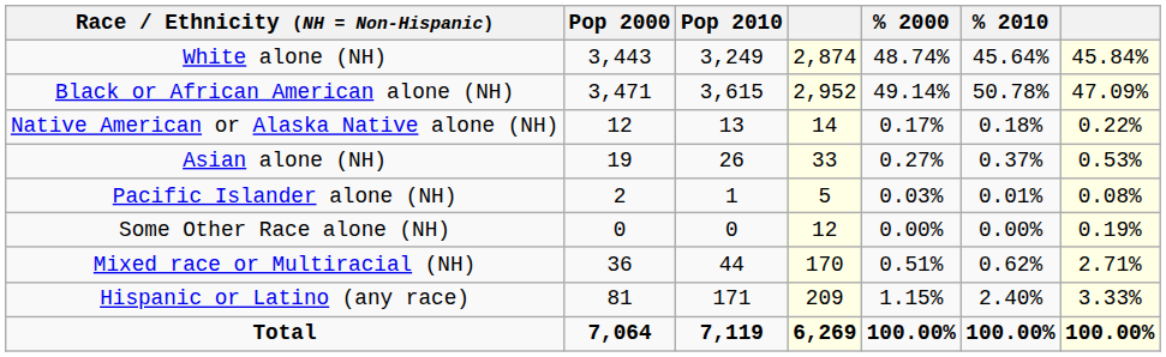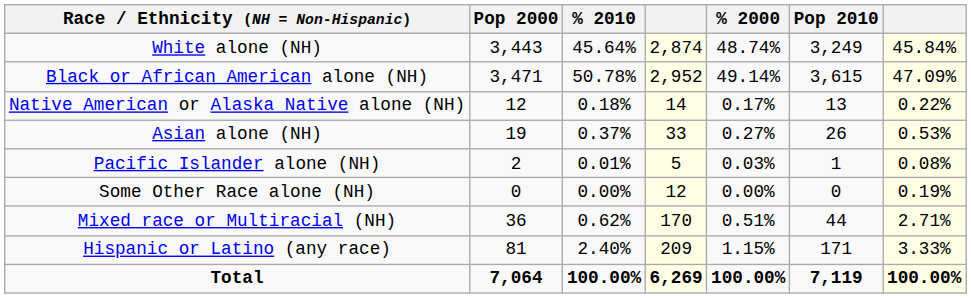 <table class="wikitable" style="text-align:center;">
 <tr>
 <th>Race / Ethnicity <small>(<em>NH = Non-Hispanic</em>)</small></th>
 <th>Pop 2000</th>
-<th>Pop 2010</th>
+<th>% 2010</th>
 <th></th>
 <th>% 2000</th>
-<th>% 2010</th>
+<th>Pop 2010</th>
 <th></th>
 </tr>
 <tr>
 <td><a href='#'>White</a> alone (NH)</td>
 <td>3,443</td>
-<td>3,249</td>
+<td>45.64%</td>
 <td style='background: #ffffe6;'>2,874</td>
 <td>48.74%</td>
-<td>45.64%</td>
+<td>3,249</td>
 <td style='background: #ffffe6;'>45.84%</td>
 </tr>
 <tr>
 <td><a href='#'>Black or African American</a> alone (NH)</td>
 <td>3,471</td>
-<td>3,615</td>
+<td>50.78%</td>
 <td style='background: #ffffe6;'>2,952</td>
 <td>49.14%</td>
-<td>50.78%</td>
+<td>3,615</td>
 <td style='background: #ffffe6;'>47.09%</td>
 </tr>
 <tr>
 <td><a href='#'>Native American</a> or <a href='#'>Alaska Native</a> alone (NH)</td>
 <td>12</td>
-<td>13</td>
+<td>0.18%</td>
 <td style='background: #ffffe6;'>14</td>
 <td>0.17%</td>
-<td>0.18%</td>
+<td>13</td>
 <td style='background: #ffffe6;'>0.22%</td>
 </tr>
 <tr>
 <td><a href='#'>Asian</a> alone (NH)</td>
 <td>19</td>
-<td>26</td>
+<td>0.37%</td>
 <td style='background: #ffffe6;'>33</td>
 <td>0.27%</td>
-<td>0.37%</td>
+<td>26</td>
 <td style='background: #ffffe6;'>0.53%</td>
 </tr>
 <tr>
 <td><a href='#'>Pacific Islander</a> alone (NH)</td>
 <td>2</td>
-<td>1</td>
+<td>0.01%</td>
 <td style='background: #ffffe6;'>5</td>
 <td>0.03%</td>
-<td>0.01%</td>
+<td>1</td>
 <td style='background: #ffffe6;'>0.08%</td>
 </tr>
 <tr>
 <td>Some Other Race alone (NH)</td>
 <td>0</td>
-<td>0</td>
+<td>0.00%</td>
 <td style='background: #ffffe6;'>12</td>
 <td>0.00%</td>
-<td>0.00%</td>
+<td>0</td>
 <td style='background: #ffffe6;'>0.19%</td>
 </tr>
 <tr>
 <td><a href='#'>Mixed race or Multiracial</a> (NH)</td>
 <td>36</td>
-<td>44</td>
+<td>0.62%</td>
 <td style='background: #ffffe6;'>170</td>
 <td>0.51%</td>
-<td>0.62%</td>
+<td>44</td>
 <td style='background: #ffffe6;'>2.71%</td>
 </tr>
 <tr>
 <td><a href='#'>Hispanic or Latino</a> (any race)</td>
 <td>81</td>
-<td>171</td>
+<td>2.40%</td>
 <td style='background: #ffffe6;'>209</td>
 <td>1.15%</td>
-<td>2.40%</td>
+<td>171</td>
 <td style='background: #ffffe6;'>3.33%</td>
 </tr>
 <tr>
 <td><strong>Total</strong></td>
 <td><strong>7,064</strong></td>
-<td><strong>7,119</strong></td>
+<td><strong>100.00%</strong></td>
 <td style='background: #ffffe6;'><strong>6,269</strong></td>
 <td><strong>100.00%</strong></td>
-<td><strong>100.00%</strong></td>
+<td><strong>7,119</strong></td>
 <td style='background: #ffffe6;'><strong>100.00%</strong></td>
 </tr>
 </table>
